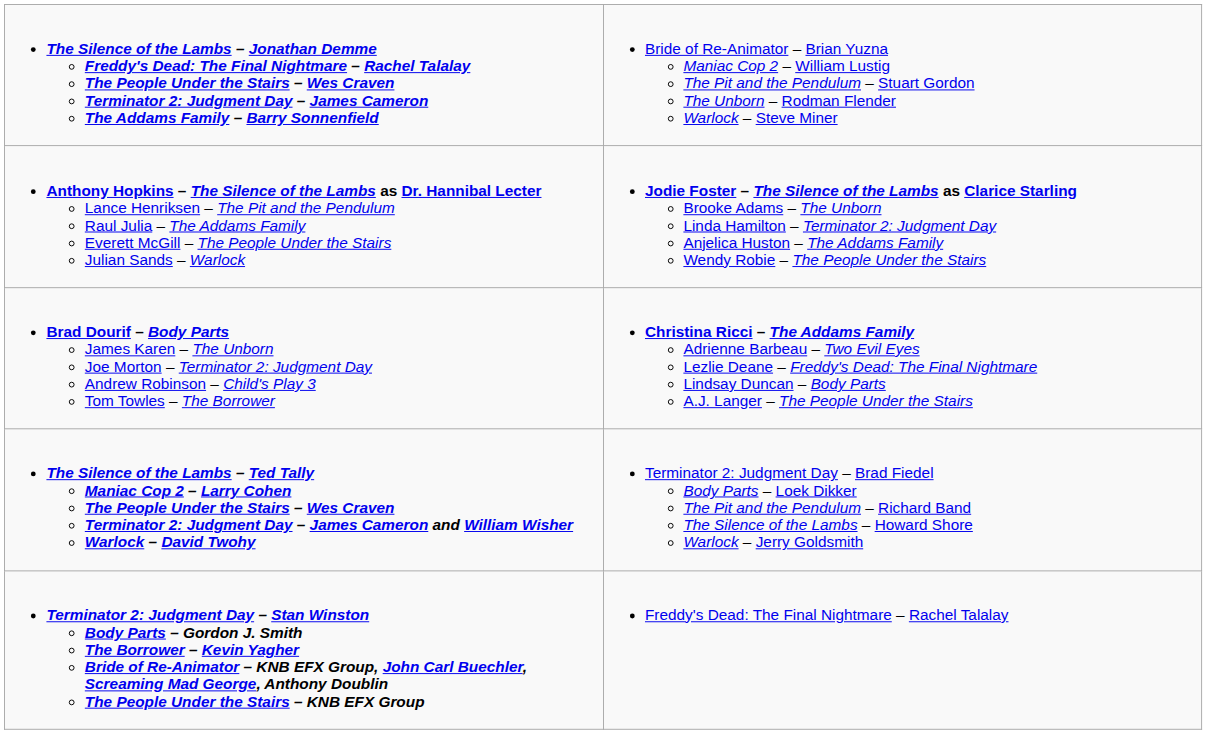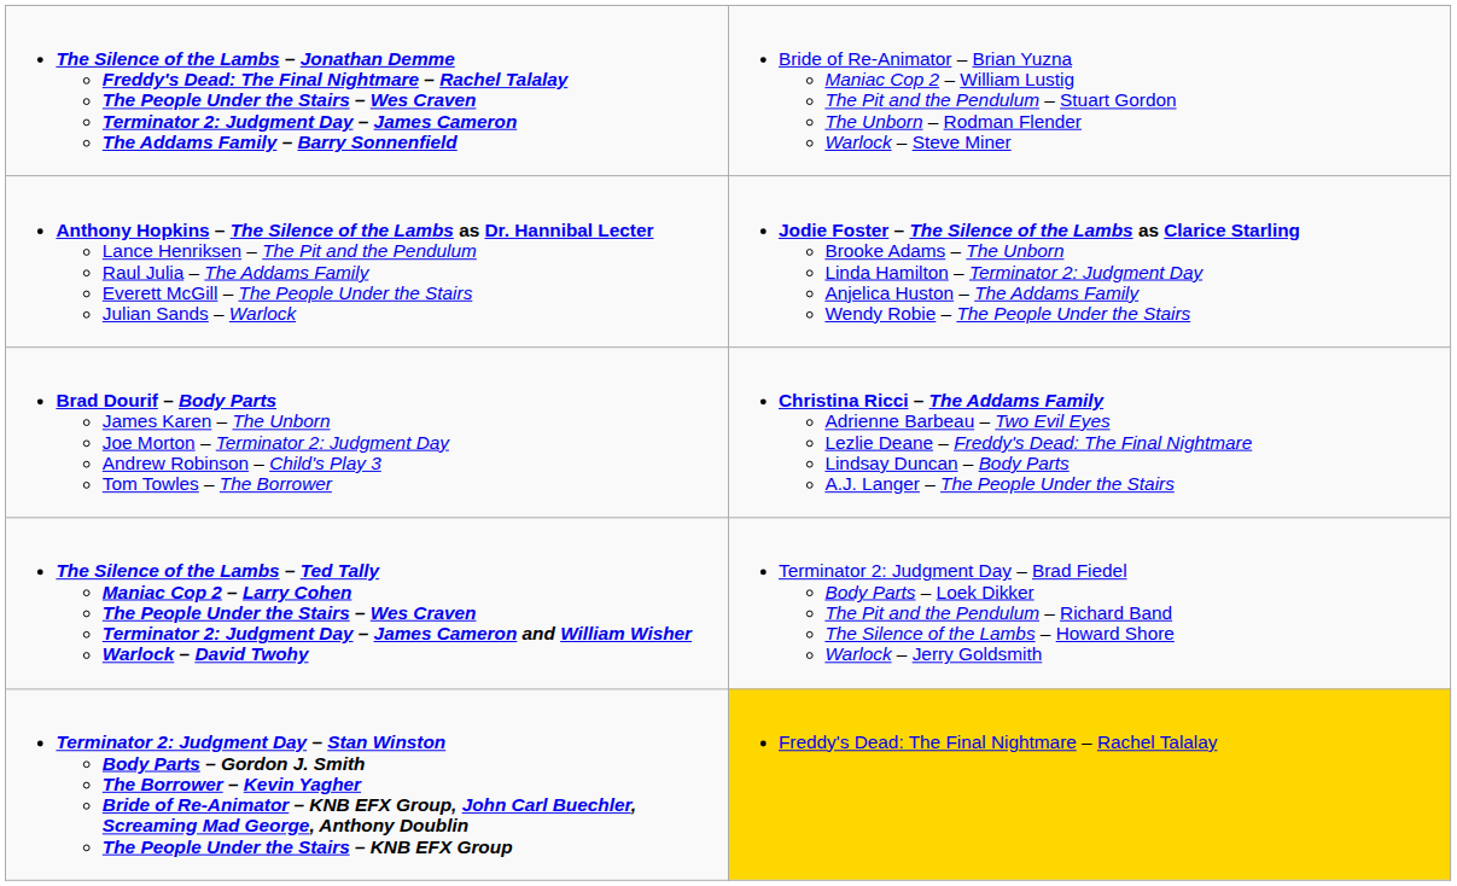 <table class="wikitable">
 <tr>
 <td style="vertical-align:top; width:50%;"><br><ul><li><strong><em><a href='#'>The Silence of the Lambs</a><em> – <a href='#'>Jonathan Demme</a> <strong><ul><li></em><a href='#'>Freddy's Dead: The Final Nightmare</a><em> – <a href='#'>Rachel Talalay</a></li><li></em><a href='#'>The People Under the Stairs</a><em> – <a href='#'>Wes Craven</a></li><li></em><a href='#'>Terminator 2: Judgment Day</a><em> – <a href='#'>James Cameron</a></li><li></em><a href='#'>The Addams Family</a><em> – <a href='#'>Barry Sonnenfield</a></li></ul></li></ul></td>
 <td style="vertical-align:top; width:50%;"><br><ul><li></em></strong><a href='#'>Bride of Re-Animator</a></em> – <a href='#'>Brian Yuzna</a></strong><ul><li><em><a href='#'>Maniac Cop 2</a></em> – <a href='#'>William Lustig</a></li><li><em><a href='#'>The Pit and the Pendulum</a></em> – <a href='#'>Stuart Gordon</a></li><li><em><a href='#'>The Unborn</a></em> – <a href='#'>Rodman Flender</a></li><li><em><a href='#'>Warlock</a></em> – <a href='#'>Steve Miner</a></li></ul></li></ul></td>
 </tr>
 <tr>
 <td valign="top"><br><ul><li><strong><a href='#'>Anthony Hopkins</a> – <em><a href='#'>The Silence of the Lambs</a></em> as <a href='#'>Dr. Hannibal Lecter</a></strong><ul><li><a href='#'>Lance Henriksen</a> – <em><a href='#'>The Pit and the Pendulum</a></em></li><li><a href='#'>Raul Julia</a> – <em><a href='#'>The Addams Family</a></em></li><li><a href='#'>Everett McGill</a> – <em><a href='#'>The People Under the Stairs</a></em></li><li><a href='#'>Julian Sands</a> – <em><a href='#'>Warlock</a></em></li></ul></li></ul></td>
 <td valign="top"><br><ul><li><strong><a href='#'>Jodie Foster</a> – <em><a href='#'>The Silence of the Lambs</a></em> as <a href='#'>Clarice Starling</a></strong><ul><li><a href='#'>Brooke Adams</a> – <em><a href='#'>The Unborn</a></em></li><li><a href='#'>Linda Hamilton</a> – <em><a href='#'>Terminator 2: Judgment Day</a></em></li><li><a href='#'>Anjelica Huston</a> – <em><a href='#'>The Addams Family</a></em></li><li><a href='#'>Wendy Robie</a> – <em><a href='#'>The People Under the Stairs</a></em></li></ul></li></ul></td>
 </tr>
 <tr>
 <td valign="top"><br><ul><li><strong><a href='#'>Brad Dourif</a> – <em><a href='#'>Body Parts</a></em> </strong><ul><li><a href='#'>James Karen</a> – <em><a href='#'>The Unborn</a></em></li><li><a href='#'>Joe Morton</a> – <em><a href='#'>Terminator 2: Judgment Day</a></em></li><li><a href='#'>Andrew Robinson</a> – <em><a href='#'>Child's Play 3</a></em></li><li><a href='#'>Tom Towles</a> – <em><a href='#'>The Borrower</a></em></li></ul></li></ul></td>
 <td valign="top"><br><ul><li><strong><a href='#'>Christina Ricci</a> – <em><a href='#'>The Addams Family</a></em> </strong><ul><li><a href='#'>Adrienne Barbeau</a> – <em><a href='#'>Two Evil Eyes</a></em></li><li><a href='#'>Lezlie Deane</a> – <em><a href='#'>Freddy's Dead: The Final Nightmare</a></em></li><li><a href='#'>Lindsay Duncan</a> – <em><a href='#'>Body Parts</a></em></li><li><a href='#'>A.J. Langer</a> – <em><a href='#'>The People Under the Stairs</a></em></li></ul></li></ul></td>
 </tr>
 <tr>
 <td valign="top"><br><ul><li><strong><em><a href='#'>The Silence of the Lambs</a><em> – <a href='#'>Ted Tally</a><strong><ul><li></em><a href='#'>Maniac Cop 2</a><em> – <a href='#'>Larry Cohen</a></li><li></em><a href='#'>The People Under the Stairs</a><em> – <a href='#'>Wes Craven</a></li><li></em><a href='#'>Terminator 2: Judgment Day</a><em> – <a href='#'>James Cameron</a> and <a href='#'>William Wisher</a></li><li></em><a href='#'>Warlock</a><em> – <a href='#'>David Twohy</a></li></ul></li></ul></td>
 <td valign="top"><br><ul><li></em></strong><a href='#'>Terminator 2: Judgment Day</a></em> – <a href='#'>Brad Fiedel</a></strong><ul><li><em><a href='#'>Body Parts</a></em> – <a href='#'>Loek Dikker</a></li><li><em><a href='#'>The Pit and the Pendulum</a></em> – <a href='#'>Richard Band</a></li><li><em><a href='#'>The Silence of the Lambs</a></em> – <a href='#'>Howard Shore</a></li><li><em><a href='#'>Warlock</a></em> – <a href='#'>Jerry Goldsmith</a></li></ul></li></ul></td>
 </tr>
 <tr>
 <td valign="top"><br><ul><li><strong><em><a href='#'>Terminator 2: Judgment Day</a><em> – <a href='#'>Stan Winston</a><strong><ul><li></em><a href='#'>Body Parts</a><em> – Gordon J. Smith</li><li></em><a href='#'>The Borrower</a><em> – <a href='#'>Kevin Yagher</a></li><li></em><a href='#'>Bride of Re-Animator</a><em> – KNB EFX Group, <a href='#'>John Carl Buechler</a>, <a href='#'>Screaming Mad George</a>, Anthony Doublin</li><li></em><a href='#'>The People Under the Stairs</a><em> – KNB EFX Group</li></ul></li></ul></td>
-<td valign="top"><br><ul><li></em></strong><a href='#'>Freddy's Dead: The Final Nightmare</a></em> – <a href='#'>Rachel Talalay</a></strong></li></ul></td>
+<td valign="top" style="background: gold;"><br><ul><li></em></strong><a href='#'>Freddy's Dead: The Final Nightmare</a></em> – <a href='#'>Rachel Talalay</a></strong></li></ul></td>
 </tr>
 </table>
